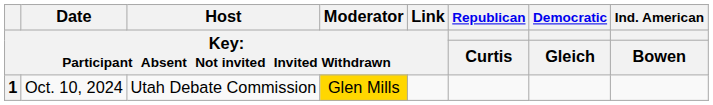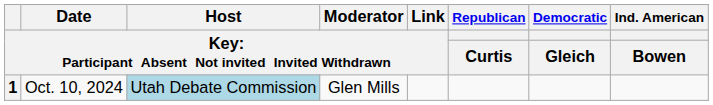 <table class="wikitable" style="text-align:center;">
 <tr>
 <th scope="col"></th>
 <th scope="col">Date</th>
 <th scope="col">Host</th>
 <th scope="col">Moderator</th>
 <th scope="col">Link</th>
 <th scope="col"><small><a href='#'>Republican</a></small></th>
 <th scope="col"><small><a href='#'>Democratic</a></small></th>
 <th scope="col"><small>Ind. American</small></th>
 </tr>
 <tr>
 <th colspan="5" rowspan="2">Key:<br> <small>Participant </small>  <small>Absent </small>  <small>Not invited </small>  <small>Invited  Withdrawn</small></th>
 <th scope="col" style="background:"></th>
 <th scope="col" style="background:"></th>
 <th scope="col" style="background:"></th>
 </tr>
 <tr>
 <th scope="col">Curtis</th>
 <th scope="col">Gleich</th>
 <th scope="col">Bowen</th>
 </tr>
 <tr>
 <th>1</th>
 <td style="white-space:nowrap;">Oct. 10, 2024</td>
-<td style="white-space:nowrap;">Utah Debate Commission</td>
-<td style="background: gold; white-space:nowrap;">Glen Mills</td>
+<td style="background: lightblue; white-space:nowrap;">Utah Debate Commission</td>
+<td style="white-space:nowrap;">Glen Mills</td>
 <td style="white-space:nowrap;"></td>
 <td></td>
 <td></td>
 <td></td>
 </tr>
 </table>
